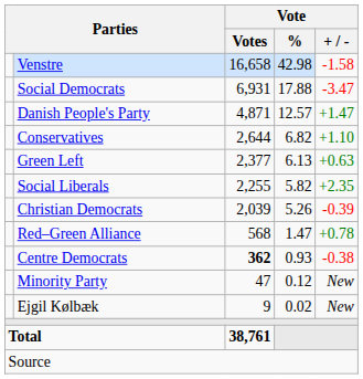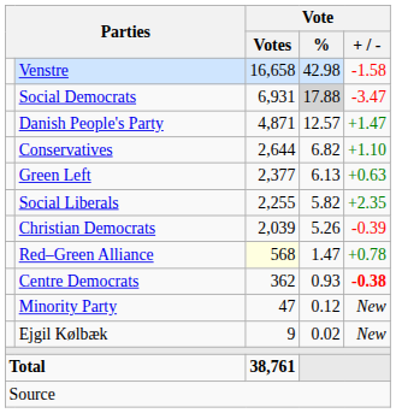 <table class="wikitable" style="text-align:right;">
 <tr>
 <th style="text-align:centre;" rowspan="2" colspan="2" width="225">Parties</th>
 <th colspan="3">Vote</th>
 </tr>
 <tr>
 <th width="15">Votes</th>
 <th width="15">%</th>
 <th width="15">+ / -</th>
 </tr>
 <tr>
 <td width="2" style="color:inherit;background:"></td>
 <td bgcolor=#cfe5fe  align="left"><a href='#'>Venstre</a></td>
 <td bgcolor=#cfe5fe>16,658</td>
 <td bgcolor=#cfe5fe>42.98</td>
 <td style=color:red;>-1.58</td>
 </tr>
 <tr>
 <td width="2" style="color:inherit;background:"></td>
 <td align="left"><a href='#'>Social Democrats</a></td>
 <td>6,931</td>
-<td>17.88</td>
+<td style="background: lightgrey;">17.88</td>
 <td style=color:red;>-3.47</td>
 </tr>
 <tr>
 <td width="2" style="color:inherit;background:"></td>
 <td align="left"><a href='#'>Danish People's Party</a></td>
 <td>4,871</td>
 <td>12.57</td>
 <td style=color:green;>+1.47</td>
 </tr>
 <tr>
 <td width="2" style="color:inherit;background:"></td>
 <td align="left"><a href='#'>Conservatives</a></td>
 <td>2,644</td>
 <td>6.82</td>
 <td style=color:green;>+1.10</td>
 </tr>
 <tr>
 <td width="2" style="color:inherit;background:"></td>
 <td align="left"><a href='#'>Green Left</a></td>
 <td>2,377</td>
 <td>6.13</td>
 <td style=color:green;>+0.63</td>
 </tr>
 <tr>
 <td width="2" style="color:inherit;background:"></td>
 <td align="left"><a href='#'>Social Liberals</a></td>
 <td>2,255</td>
 <td>5.82</td>
 <td style=color:green;>+2.35</td>
 </tr>
 <tr>
 <td width="2" style="color:inherit;background:"></td>
 <td align="left"><a href='#'>Christian Democrats</a></td>
 <td>2,039</td>
 <td>5.26</td>
 <td style=color:red;>-0.39</td>
 </tr>
 <tr>
 <td width="2" style="color:inherit;background:"></td>
 <td align="left"><a href='#'>Red–Green Alliance</a></td>
-<td>568</td>
+<td style="background: lightyellow;">568</td>
 <td>1.47</td>
 <td style=color:green;>+0.78</td>
 </tr>
 <tr>
 <td width="2" style="color:inherit;background:"></td>
 <td align="left"><a href='#'>Centre Democrats</a></td>
-<td><strong>362</strong></td>
+<td>362</td>
 <td>0.93</td>
-<td style=color:red;>-0.38</td>
+<td style=color:red;><strong>-0.38</strong></td>
 </tr>
 <tr>
 <td width="2" style="color:inherit;background:"></td>
 <td align="left"><a href='#'>Minority Party</a></td>
 <td>47</td>
 <td>0.12</td>
 <td><em>New</em></td>
 </tr>
 <tr>
 <td width="2" style="color:inherit;background:"></td>
 <td align="left">Ejgil Kølbæk</td>
 <td>9</td>
 <td>0.02</td>
 <td><em>New</em></td>
 </tr>
 <tr>
 <td colspan="7" bgcolor="#E9E9E9"></td>
 </tr>
 <tr>
 <td align="left" colspan="2"><strong>Total</strong></td>
 <td><strong>38,761</strong></td>
 <td bgcolor="#E9E9E9" colspan="2"></td>
 </tr>
 <tr>
 <td align="left" colspan="6">Source</td>
 </tr>
 </table>
